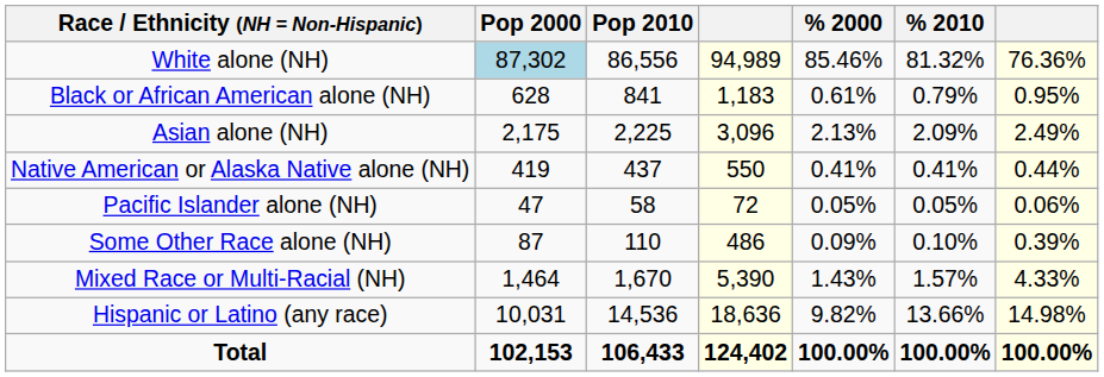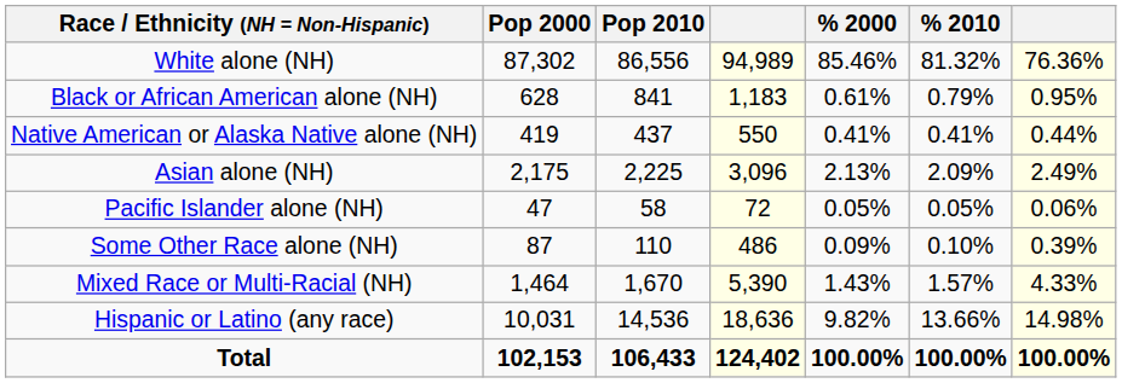 <table class="wikitable" style="text-align:center;">
 <tr>
 <th>Race / Ethnicity <small>(<em>NH = Non-Hispanic</em>)</small></th>
 <th>Pop 2000</th>
 <th>Pop 2010</th>
 <th></th>
 <th>% 2000</th>
 <th>% 2010</th>
 <th></th>
 </tr>
 <tr>
 <td><a href='#'>White</a> alone (NH)</td>
-<td style="background: lightblue;">87,302</td>
+<td>87,302</td>
 <td>86,556</td>
 <td style='background: #ffffe6;'>94,989</td>
 <td>85.46%</td>
 <td>81.32%</td>
 <td style='background: #ffffe6;'>76.36%</td>
 </tr>
 <tr>
 <td><a href='#'>Black or African American</a> alone (NH)</td>
 <td>628</td>
 <td>841</td>
 <td style='background: #ffffe6;'>1,183</td>
 <td>0.61%</td>
 <td>0.79%</td>
 <td style='background: #ffffe6;'>0.95%</td>
 </tr>
 <tr>
+<td><a href='#'>Native American</a> or <a href='#'>Alaska Native</a> alone (NH)</td>
+<td>419</td>
+<td>437</td>
+<td style='background: #ffffe6;'>550</td>
+<td>0.41%</td>
+<td>0.41%</td>
+<td style='background: #ffffe6;'>0.44%</td>
+</tr>
+<tr>
 <td><a href='#'>Asian</a> alone (NH)</td>
 <td>2,175</td>
 <td>2,225</td>
 <td style='background: #ffffe6;'>3,096</td>
 <td>2.13%</td>
 <td>2.09%</td>
 <td style='background: #ffffe6;'>2.49%</td>
-</tr>
-<tr>
-<td><a href='#'>Native American</a> or <a href='#'>Alaska Native</a> alone (NH)</td>
-<td>419</td>
-<td>437</td>
-<td style='background: #ffffe6;'>550</td>
-<td>0.41%</td>
-<td>0.41%</td>
-<td style='background: #ffffe6;'>0.44%</td>
 </tr>
 <tr>
 <td><a href='#'>Pacific Islander</a> alone (NH)</td>
 <td>47</td>
 <td>58</td>
 <td style='background: #ffffe6;'>72</td>
 <td>0.05%</td>
 <td>0.05%</td>
 <td style='background: #ffffe6;'>0.06%</td>
 </tr>
 <tr>
 <td><a href='#'>Some Other Race</a> alone (NH)</td>
 <td>87</td>
 <td>110</td>
 <td style='background: #ffffe6;'>486</td>
 <td>0.09%</td>
 <td>0.10%</td>
 <td style='background: #ffffe6;'>0.39%</td>
 </tr>
 <tr>
 <td><a href='#'>Mixed Race or Multi-Racial</a> (NH)</td>
 <td>1,464</td>
 <td>1,670</td>
 <td style='background: #ffffe6;'>5,390</td>
 <td>1.43%</td>
 <td>1.57%</td>
 <td style='background: #ffffe6;'>4.33%</td>
 </tr>
 <tr>
 <td><a href='#'>Hispanic or Latino</a> (any race)</td>
 <td>10,031</td>
 <td>14,536</td>
 <td style='background: #ffffe6;'>18,636</td>
 <td>9.82%</td>
 <td>13.66%</td>
 <td style='background: #ffffe6;'>14.98%</td>
 </tr>
 <tr>
 <td><strong>Total</strong></td>
 <td><strong>102,153</strong></td>
 <td><strong>106,433</strong></td>
 <td style='background: #ffffe6;'><strong>124,402</strong></td>
 <td><strong>100.00%</strong></td>
 <td><strong>100.00%</strong></td>
 <td style='background: #ffffe6;'><strong>100.00%</strong></td>
 </tr>
 </table>
